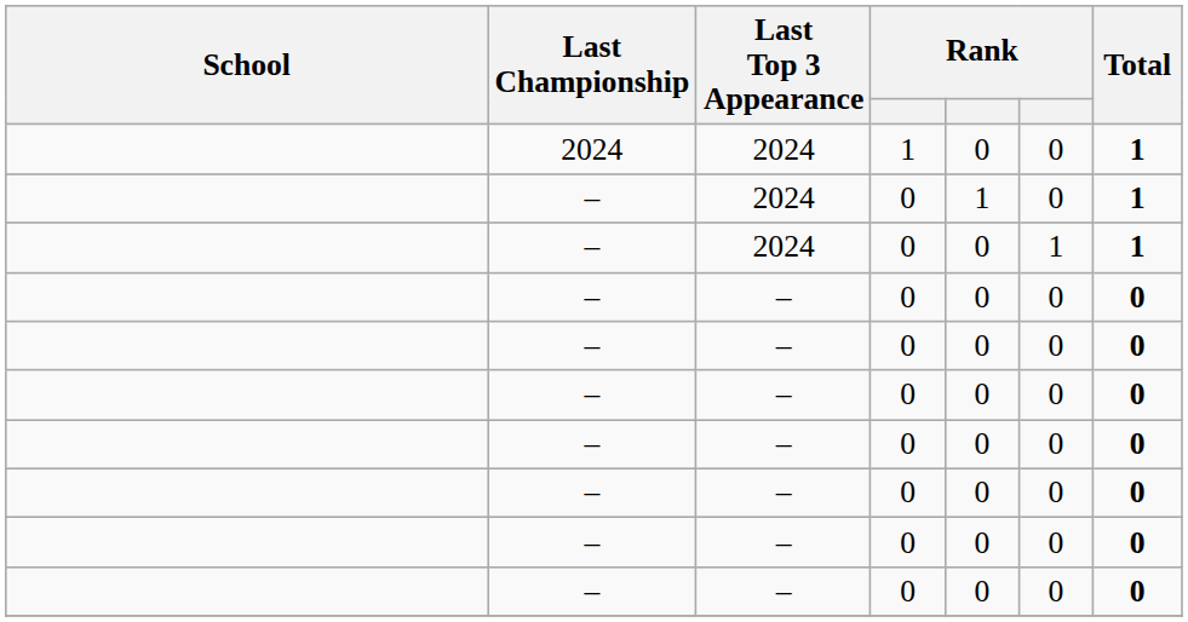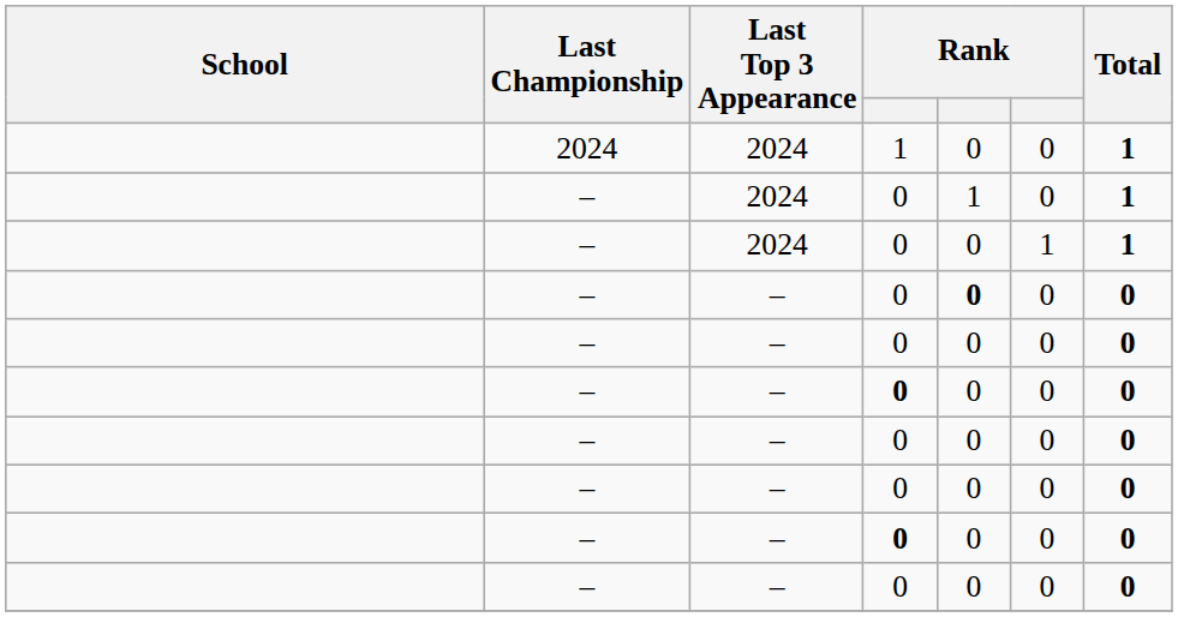 <table class="wikitable" style="text align: center">
 <tr bgcolor="#efefef">
 <th rowspan=2 width=320px>School</th>
 <th rowspan=2>Last<br>Championship</th>
 <th rowspan=2>Last<br>Top 3<br>Appearance</th>
 <th colspan=3>Rank</th>
 <th rowspan=2 width=40px>Total</th>
 </tr>
 <tr>
 <th width=40px></th>
 <th width=40px></th>
 <th width=40px></th>
 </tr>
 <tr>
 <td></td>
 <td align="center">2024</td>
 <td align="center">2024</td>
 <td align="center">1</td>
 <td align="center">0</td>
 <td align="center">0</td>
 <td align="center"><strong>1</strong></td>
 </tr>
 <tr>
 <td></td>
 <td align="center">–</td>
 <td align="center">2024</td>
 <td align="center">0</td>
 <td align="center">1</td>
 <td align="center">0</td>
 <td align="center"><strong>1</strong></td>
 </tr>
 <tr>
 <td></td>
 <td align="center">–</td>
 <td align="center">2024</td>
 <td align="center">0</td>
 <td align="center">0</td>
 <td align="center">1</td>
 <td align="center"><strong>1</strong></td>
 </tr>
 <tr>
 <td></td>
 <td align="center">–</td>
 <td align="center">–</td>
 <td align="center">0</td>
+<td align="center"><strong>0</strong></td>
+<td align="center">0</td>
+<td align="center"><strong>0</strong></td>
+</tr>
+<tr>
+<td></td>
+<td align="center">–</td>
+<td align="center">–</td>
+<td align="center">0</td>
+<td align="center">0</td>
+<td align="center">0</td>
+<td align="center"><strong>0</strong></td>
+</tr>
+<tr>
+<td></td>
+<td align="center">–</td>
+<td align="center">–</td>
+<td align="center"><strong>0</strong></td>
 <td align="center">0</td>
 <td align="center">0</td>
 <td align="center"><strong>0</strong></td>
 </tr>
 <tr>
 <td></td>
 <td align="center">–</td>
 <td align="center">–</td>
 <td align="center">0</td>
 <td align="center">0</td>
 <td align="center">0</td>
 <td align="center"><strong>0</strong></td>
 </tr>
 <tr>
 <td></td>
 <td align="center">–</td>
 <td align="center">–</td>
 <td align="center">0</td>
 <td align="center">0</td>
 <td align="center">0</td>
 <td align="center"><strong>0</strong></td>
 </tr>
 <tr>
 <td></td>
 <td align="center">–</td>
 <td align="center">–</td>
-<td align="center">0</td>
-<td align="center">0</td>
-<td align="center">0</td>
 <td align="center"><strong>0</strong></td>
-</tr>
-<tr>
-<td></td>
-<td align="center">–</td>
-<td align="center">–</td>
-<td align="center">0</td>
-<td align="center">0</td>
-<td align="center">0</td>
-<td align="center"><strong>0</strong></td>
-</tr>
-<tr>
-<td></td>
-<td align="center">–</td>
-<td align="center">–</td>
-<td align="center">0</td>
 <td align="center">0</td>
 <td align="center">0</td>
 <td align="center"><strong>0</strong></td>
 </tr>
 <tr>
 <td></td>
 <td align="center">–</td>
 <td align="center">–</td>
 <td align="center">0</td>
 <td align="center">0</td>
 <td align="center">0</td>
 <td align="center"><strong>0</strong></td>
 </tr>
 <tr>
 </tr>
 </table>
